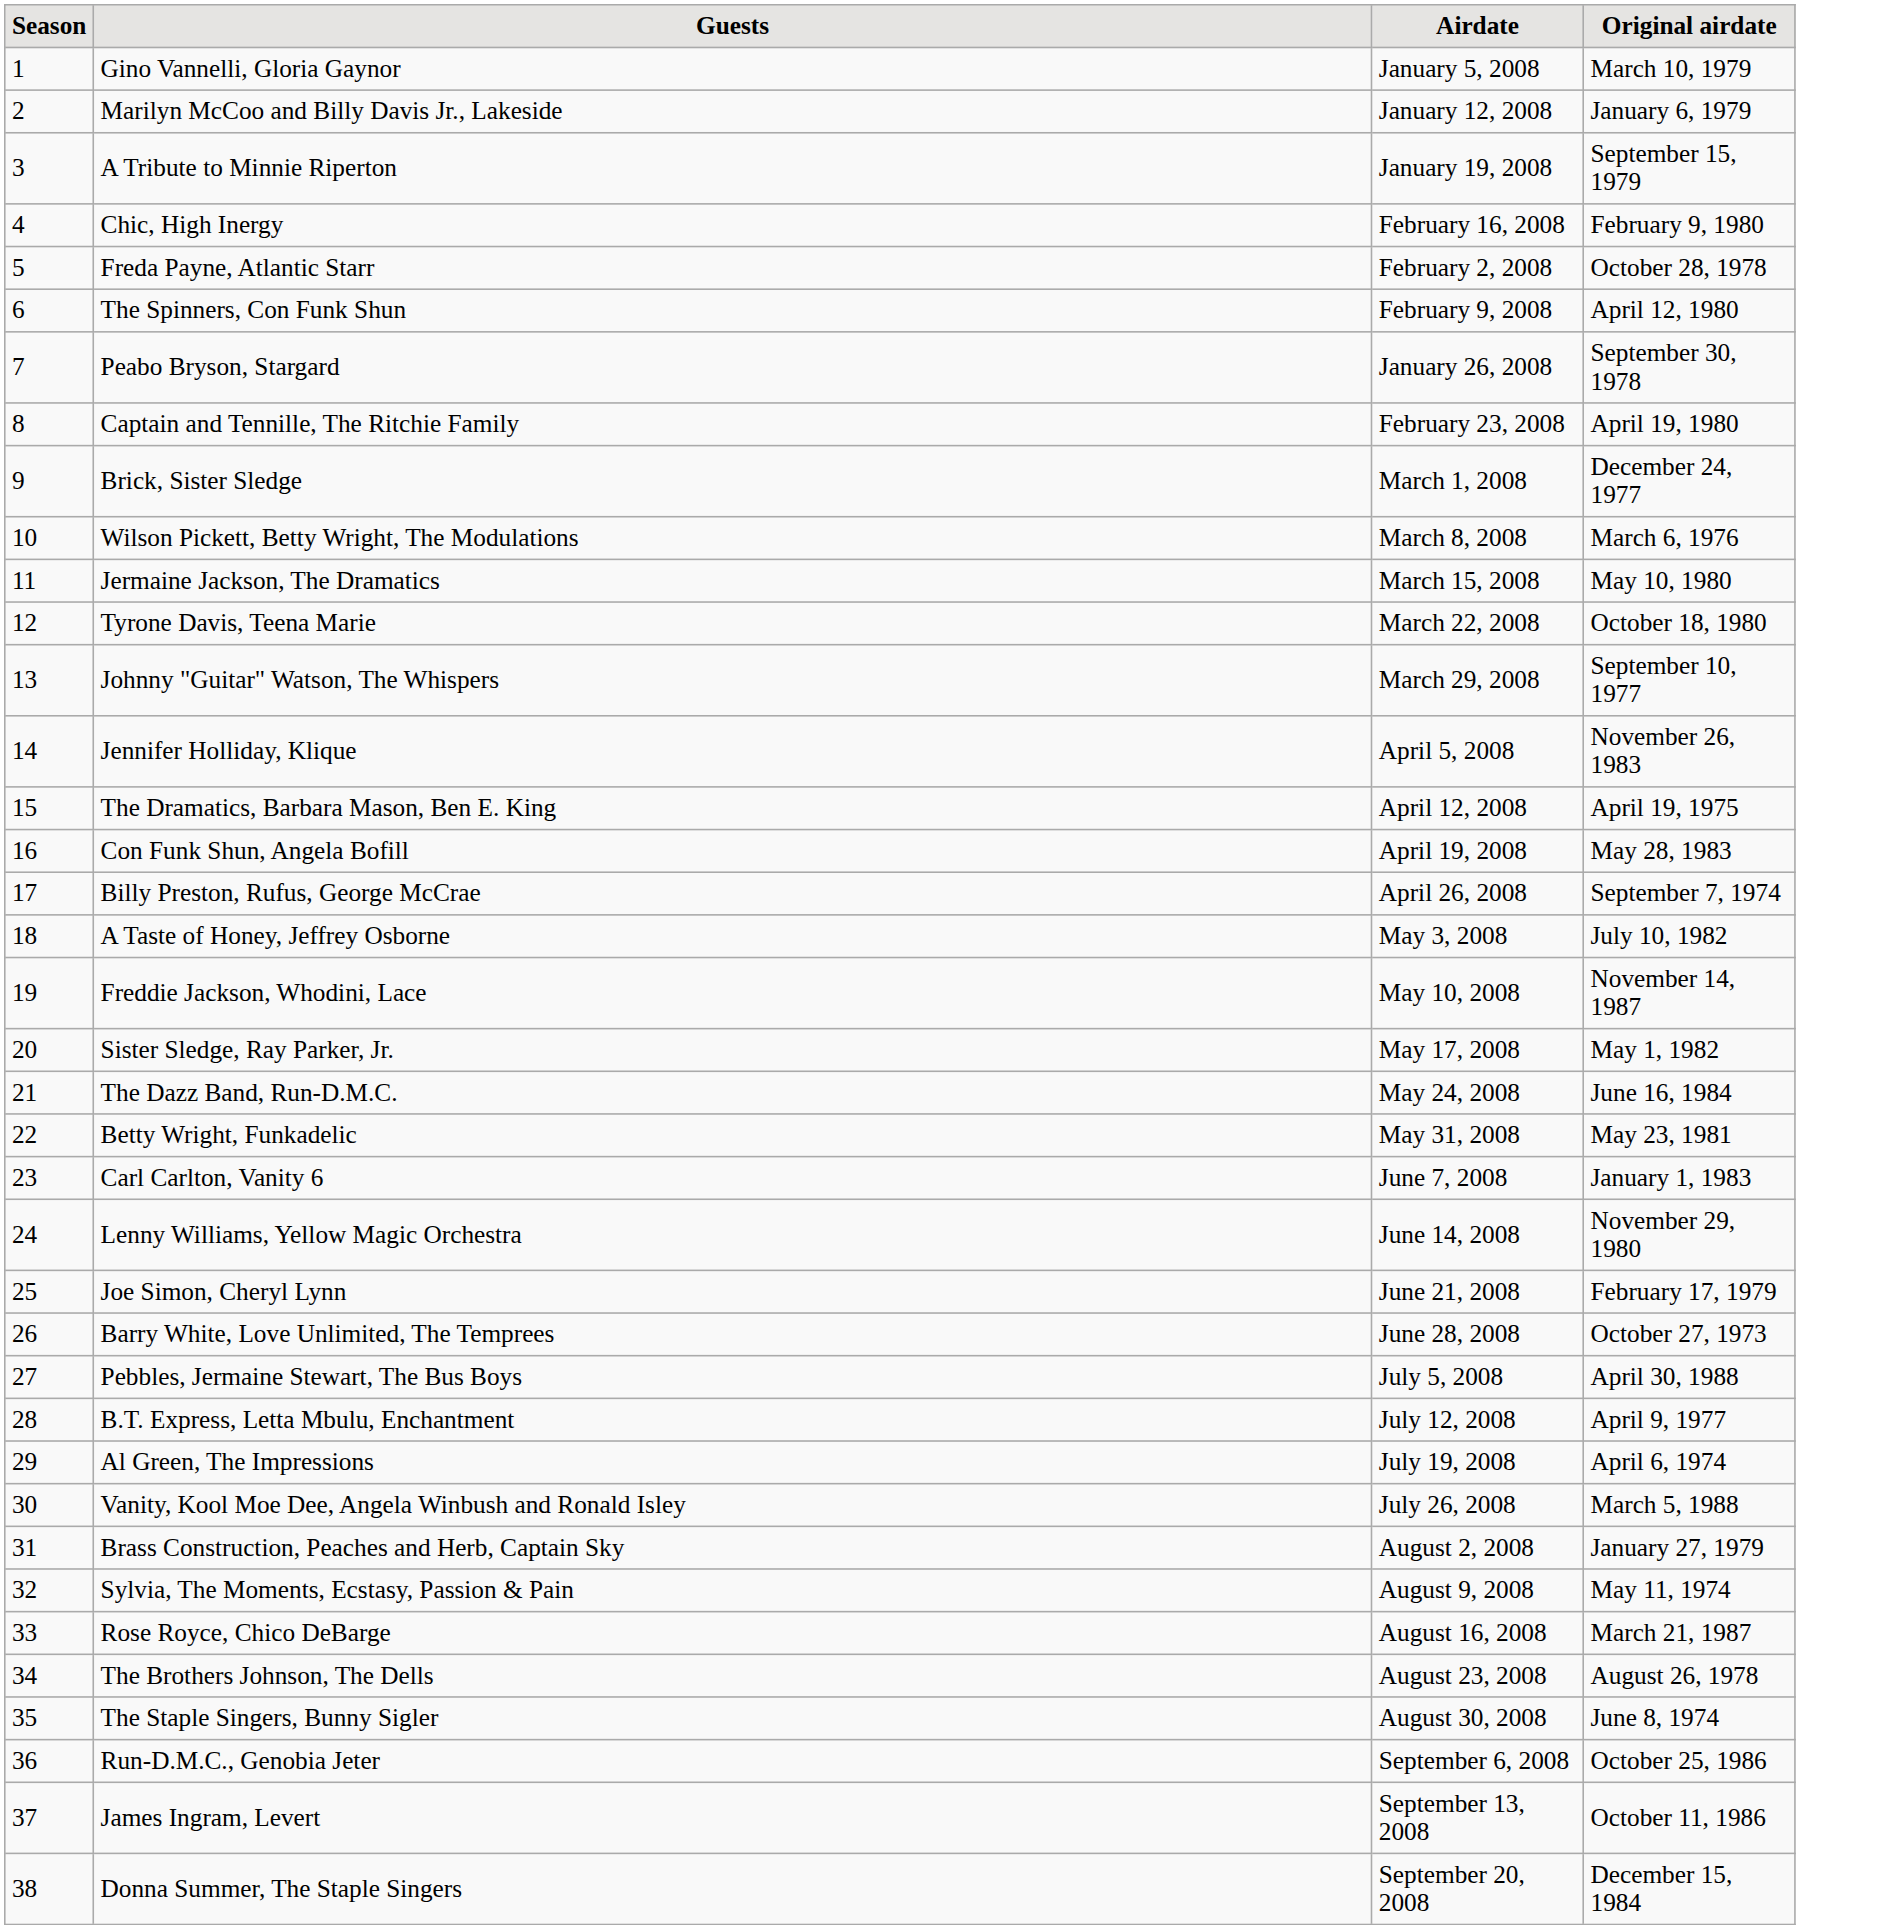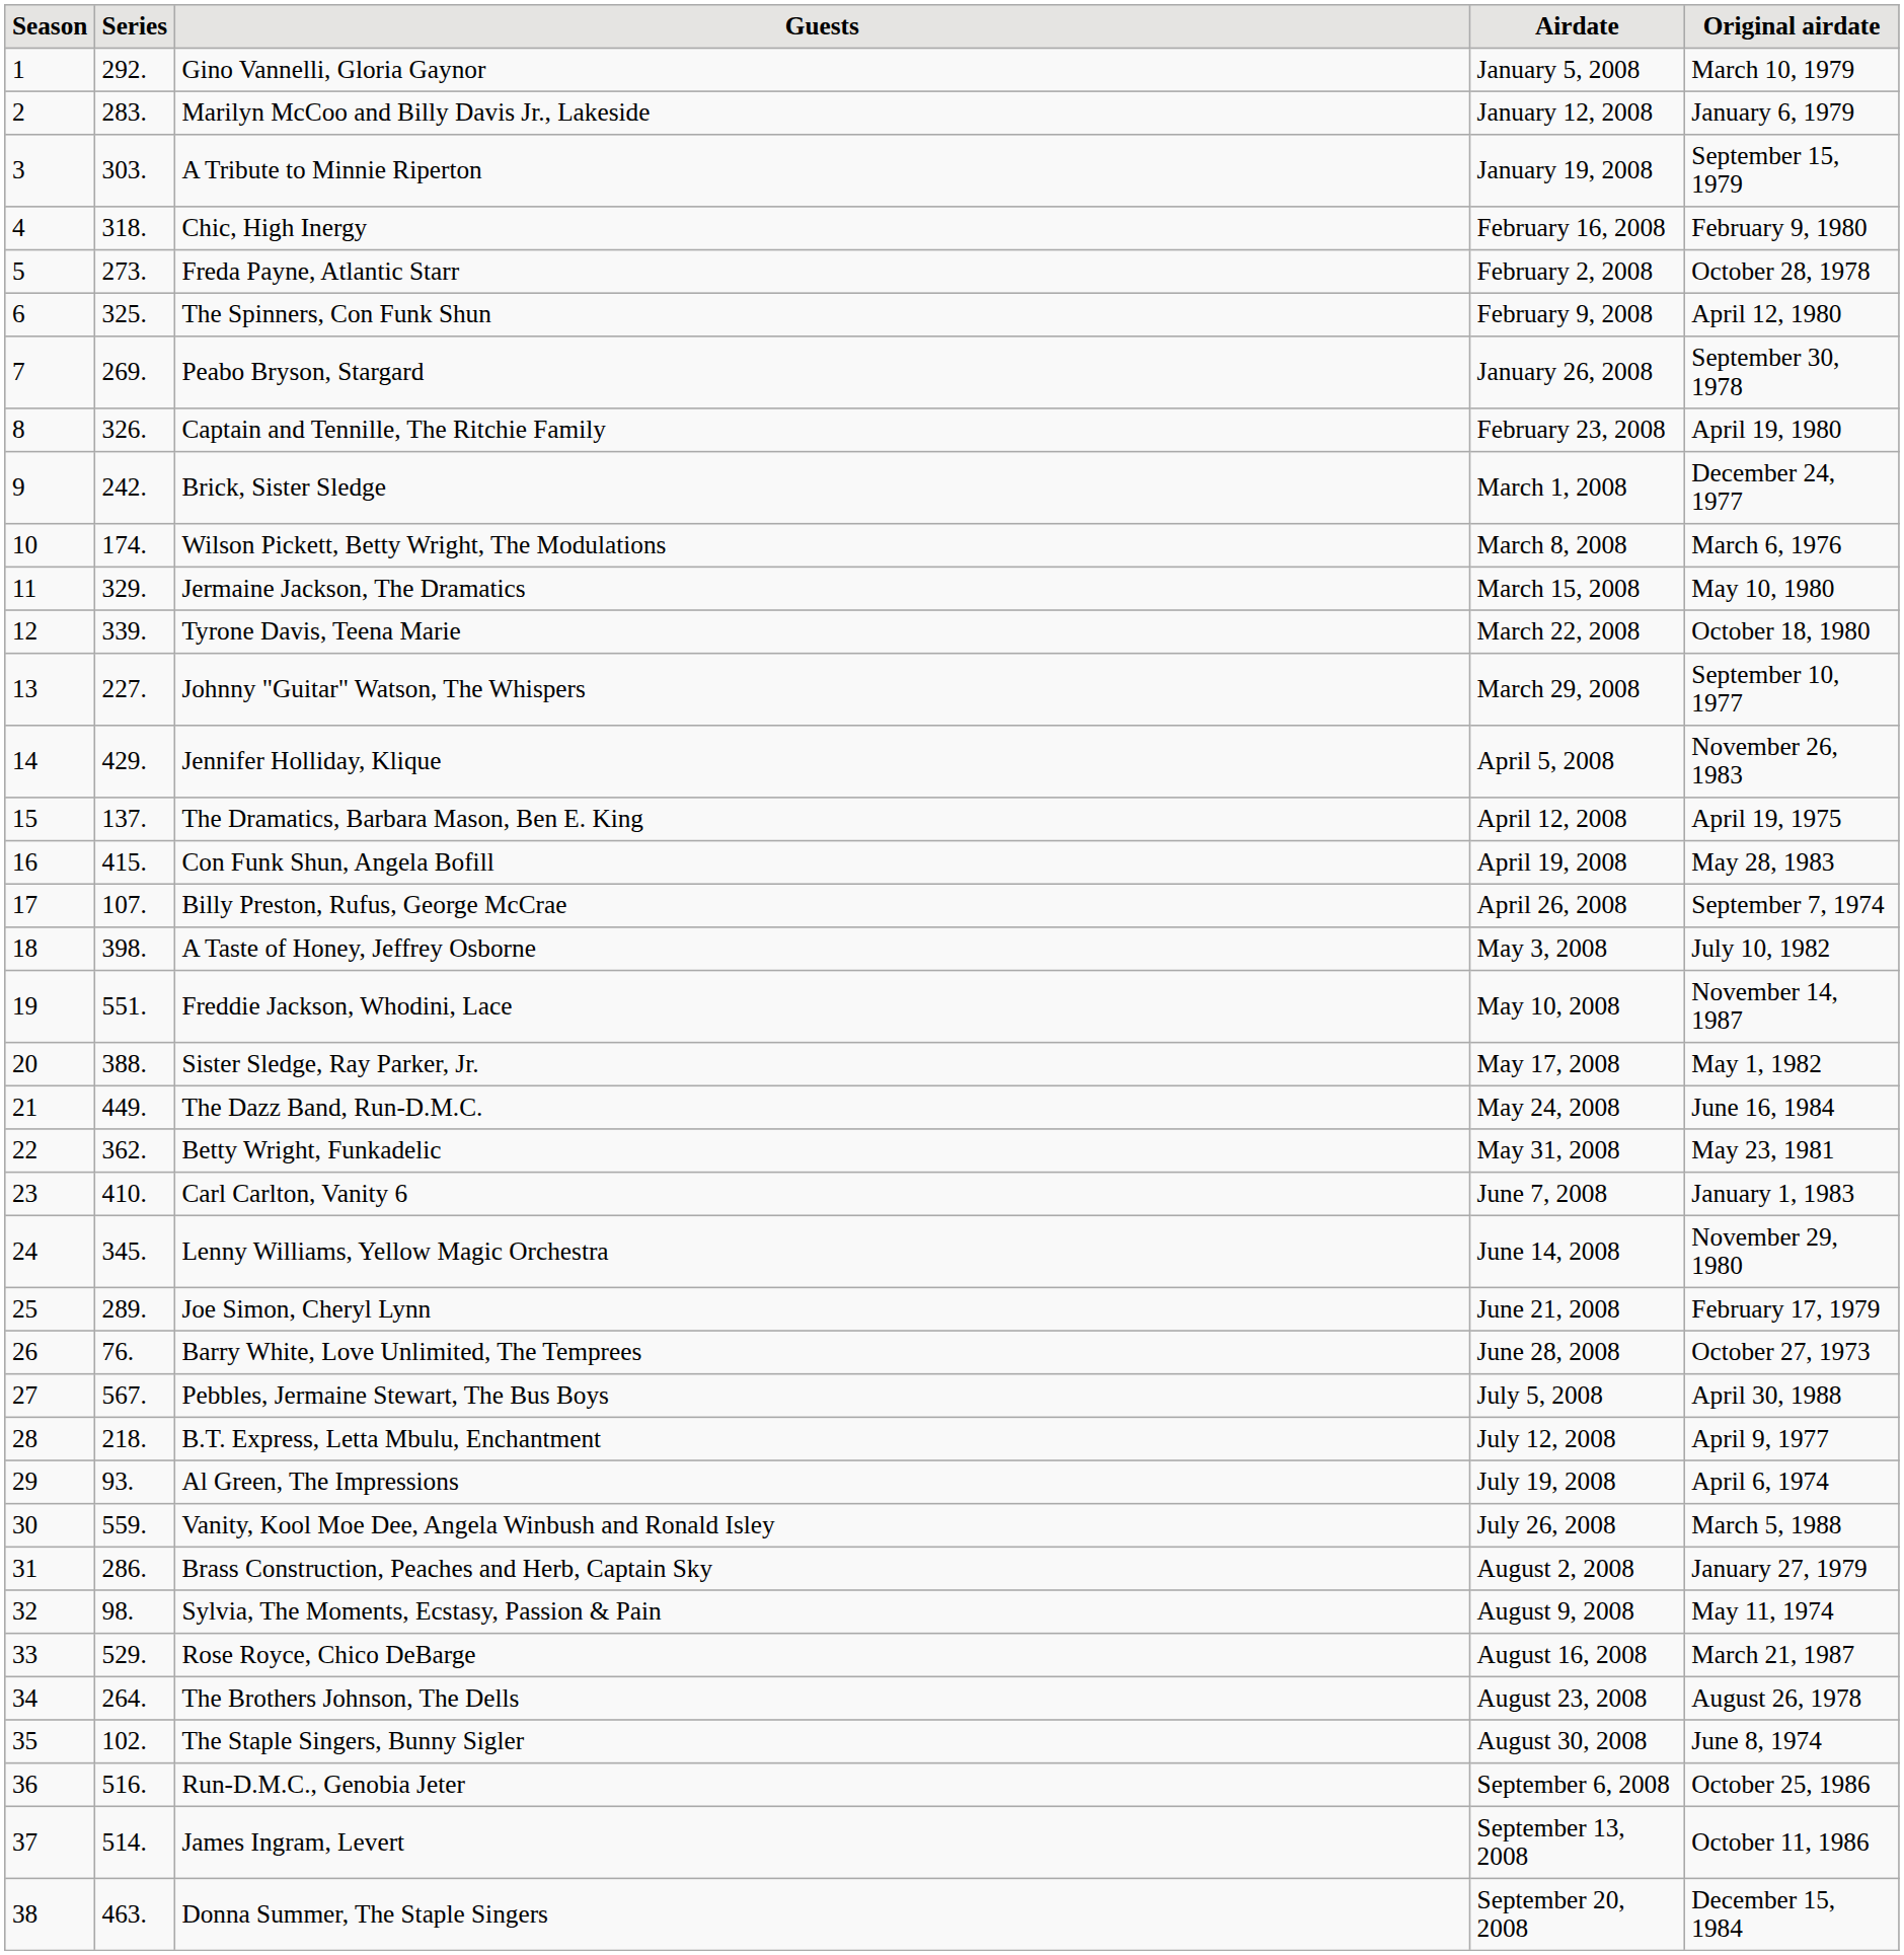 <table class="toccolours" border="2" cellpadding="4" cellspacing="0" style="margin: 1em 1em 1em 0; background: #f9f9f9; border: 1px #aaa solid; border-collapse: collapse">
 <tr style="vertical-align: top; text-align: center; background-color:#E5E4E2">
 <th><strong>Season</strong></th>
+<th><strong>Series</strong></th>
 <th style="width:800px;"><strong>Guests</strong></th>
 <th style="width:125px;"><strong>Airdate</strong></th>
 <th style="width:125px;"><strong>Original airdate</strong></th>
 </tr>
 <tr>
 <td>1</td>
+<td>292.</td>
 <td>Gino Vannelli, Gloria Gaynor</td>
 <td>January 5, 2008</td>
 <td>March 10, 1979</td>
 </tr>
 <tr>
 <td>2</td>
+<td>283.</td>
 <td>Marilyn McCoo and Billy Davis Jr., Lakeside</td>
 <td>January 12, 2008</td>
 <td>January 6, 1979</td>
 </tr>
 <tr>
 <td>3</td>
+<td>303.</td>
 <td>A Tribute to Minnie Riperton</td>
 <td>January 19, 2008</td>
 <td>September 15, 1979</td>
 </tr>
 <tr>
 <td>4</td>
+<td>318.</td>
 <td>Chic, High Inergy</td>
 <td>February 16, 2008</td>
 <td>February 9, 1980</td>
 </tr>
 <tr>
 <td>5</td>
+<td>273.</td>
 <td>Freda Payne, Atlantic Starr</td>
 <td>February 2, 2008</td>
 <td>October 28, 1978</td>
 </tr>
 <tr>
 <td>6</td>
+<td>325.</td>
 <td>The Spinners, Con Funk Shun</td>
 <td>February 9, 2008</td>
 <td>April 12, 1980</td>
 </tr>
 <tr>
 <td>7</td>
+<td>269.</td>
 <td>Peabo Bryson, Stargard</td>
 <td>January 26, 2008</td>
 <td>September 30, 1978</td>
 </tr>
 <tr>
 <td>8</td>
+<td>326.</td>
 <td>Captain and Tennille, The Ritchie Family</td>
 <td>February 23, 2008</td>
 <td>April 19, 1980</td>
 </tr>
 <tr>
 <td>9</td>
+<td>242.</td>
 <td>Brick, Sister Sledge</td>
 <td>March 1, 2008</td>
 <td>December 24, 1977</td>
 </tr>
 <tr>
 <td>10</td>
+<td>174.</td>
 <td>Wilson Pickett, Betty Wright, The Modulations</td>
 <td>March 8, 2008</td>
 <td>March 6, 1976</td>
 </tr>
 <tr>
 <td>11</td>
+<td>329.</td>
 <td>Jermaine Jackson, The Dramatics</td>
 <td>March 15, 2008</td>
 <td>May 10, 1980</td>
 </tr>
 <tr>
 <td>12</td>
+<td>339.</td>
 <td>Tyrone Davis, Teena Marie</td>
 <td>March 22, 2008</td>
 <td>October 18, 1980</td>
 </tr>
 <tr>
 <td>13</td>
+<td>227.</td>
 <td>Johnny "Guitar" Watson, The Whispers</td>
 <td>March 29, 2008</td>
 <td>September 10, 1977</td>
 </tr>
 <tr>
 <td>14</td>
+<td>429.</td>
 <td>Jennifer Holliday, Klique</td>
 <td>April 5, 2008</td>
 <td>November 26, 1983</td>
 </tr>
 <tr>
 <td>15</td>
+<td>137.</td>
 <td>The Dramatics, Barbara Mason, Ben E. King</td>
 <td>April 12, 2008</td>
 <td>April 19, 1975</td>
 </tr>
 <tr>
 <td>16</td>
+<td>415.</td>
 <td>Con Funk Shun, Angela Bofill</td>
 <td>April 19, 2008</td>
 <td>May 28, 1983</td>
 </tr>
 <tr>
 <td>17</td>
+<td>107.</td>
 <td>Billy Preston, Rufus, George McCrae</td>
 <td>April 26, 2008</td>
 <td>September 7, 1974</td>
 </tr>
 <tr>
 <td>18</td>
+<td>398.</td>
 <td>A Taste of Honey, Jeffrey Osborne</td>
 <td>May 3, 2008</td>
 <td>July 10, 1982</td>
 </tr>
 <tr>
 <td>19</td>
+<td>551.</td>
 <td>Freddie Jackson, Whodini, Lace</td>
 <td>May 10, 2008</td>
 <td>November 14, 1987</td>
 </tr>
 <tr>
 <td>20</td>
+<td>388.</td>
 <td>Sister Sledge, Ray Parker, Jr.</td>
 <td>May 17, 2008</td>
 <td>May 1, 1982</td>
 </tr>
 <tr style="vertical-align:top; text-align:lef">
 <td>21</td>
+<td>449.</td>
 <td>The Dazz Band, Run-D.M.C.</td>
 <td>May 24, 2008</td>
 <td>June 16, 1984</td>
 </tr>
 <tr>
 <td>22</td>
+<td>362.</td>
 <td>Betty Wright, Funkadelic</td>
 <td>May 31, 2008</td>
 <td>May 23, 1981</td>
 </tr>
 <tr>
 <td>23</td>
+<td>410.</td>
 <td>Carl Carlton, Vanity 6</td>
 <td>June 7, 2008</td>
 <td>January 1, 1983</td>
 </tr>
 <tr>
 <td>24</td>
+<td>345.</td>
 <td>Lenny Williams, Yellow Magic Orchestra</td>
 <td>June 14, 2008</td>
 <td>November 29, 1980</td>
 </tr>
 <tr>
 <td>25</td>
+<td>289.</td>
 <td>Joe Simon, Cheryl Lynn</td>
 <td>June 21, 2008</td>
 <td>February 17, 1979</td>
 </tr>
 <tr style="vertical-aligan:top;">
 <td>26</td>
+<td>76.</td>
 <td>Barry White, Love Unlimited, The Temprees</td>
 <td>June 28, 2008</td>
 <td>October 27, 1973</td>
 </tr>
 <tr style="vertical-align: top; text-align: let;">
 <td>27</td>
+<td>567.</td>
 <td>Pebbles, Jermaine Stewart, The Bus Boys</td>
 <td>July 5, 2008</td>
 <td>April 30, 1988</td>
 </tr>
 <tr style="vertical-align: top; text-align: let;">
 <td>28</td>
+<td>218.</td>
 <td>B.T. Express, Letta Mbulu, Enchantment</td>
 <td>July 12, 2008</td>
 <td>April 9, 1977</td>
 </tr>
 <tr>
 <td>29</td>
+<td>93.</td>
 <td>Al Green, The Impressions</td>
 <td>July 19, 2008</td>
 <td>April 6, 1974</td>
 </tr>
 <tr>
 <td>30</td>
+<td>559.</td>
 <td>Vanity, Kool Moe Dee, Angela Winbush and Ronald Isley</td>
 <td>July 26, 2008</td>
 <td>March 5, 1988</td>
 </tr>
 <tr>
 <td>31</td>
+<td>286.</td>
 <td>Brass Construction, Peaches and Herb, Captain Sky</td>
 <td>August 2, 2008</td>
 <td>January 27, 1979</td>
 </tr>
 <tr>
 <td>32</td>
+<td>98.</td>
 <td>Sylvia, The Moments, Ecstasy, Passion & Pain</td>
 <td>August 9, 2008</td>
 <td>May 11, 1974</td>
 </tr>
 <tr>
 <td>33</td>
+<td>529.</td>
 <td>Rose Royce, Chico DeBarge</td>
 <td>August 16, 2008</td>
 <td>March 21, 1987</td>
 </tr>
 <tr>
 <td>34</td>
+<td>264.</td>
 <td>The Brothers Johnson, The Dells</td>
 <td>August 23, 2008</td>
 <td>August 26, 1978</td>
 </tr>
 <tr>
 <td>35</td>
+<td>102.</td>
 <td>The Staple Singers, Bunny Sigler</td>
 <td>August 30, 2008</td>
 <td>June 8, 1974</td>
 </tr>
 <tr>
 <td>36</td>
+<td>516.</td>
 <td>Run-D.M.C., Genobia Jeter</td>
 <td>September 6, 2008</td>
 <td>October 25, 1986</td>
 </tr>
 <tr>
 <td>37</td>
+<td>514.</td>
 <td>James Ingram, Levert</td>
 <td>September 13, 2008</td>
 <td>October 11, 1986</td>
 </tr>
 <tr>
 <td>38</td>
+<td>463.</td>
 <td>Donna Summer, The Staple Singers</td>
 <td>September 20, 2008</td>
 <td>December 15, 1984</td>
 </tr>
 </table>
